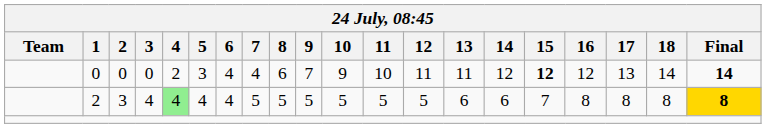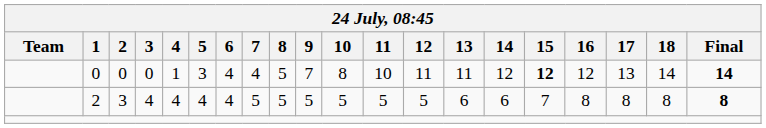 <table class=wikitable style="text-align:center; width: 55%">
 <tr>
 <th colspan=20><em>24 July, 08:45</em></th>
 </tr>
 <tr>
 <th>Team</th>
 <th>1</th>
 <th>2</th>
 <th>3</th>
 <th>4</th>
 <th>5</th>
 <th>6</th>
 <th>7</th>
 <th>8</th>
 <th>9</th>
 <th>10</th>
 <th>11</th>
 <th>12</th>
 <th>13</th>
 <th>14</th>
 <th>15</th>
 <th>16</th>
 <th>17</th>
 <th>18</th>
 <th>Final</th>
 </tr>
 <tr>
 <td align=left><strong></strong></td>
 <td>0</td>
 <td>0</td>
 <td>0</td>
-<td>2</td>
+<td>1</td>
 <td>3</td>
 <td>4</td>
 <td>4</td>
-<td>6</td>
+<td>5</td>
 <td>7</td>
-<td>9</td>
+<td>8</td>
 <td>10</td>
 <td>11</td>
 <td>11</td>
 <td>12</td>
 <td><strong>12</strong></td>
 <td>12</td>
 <td>13</td>
 <td>14</td>
 <td><strong>14</strong></td>
 </tr>
 <tr>
 <td align=left></td>
 <td>2</td>
 <td>3</td>
 <td>4</td>
-<td style="background: lightgreen;">4</td>
+<td>4</td>
 <td>4</td>
 <td>4</td>
 <td>5</td>
 <td>5</td>
 <td>5</td>
 <td>5</td>
 <td>5</td>
 <td>5</td>
 <td>6</td>
 <td>6</td>
 <td>7</td>
 <td>8</td>
 <td>8</td>
 <td>8</td>
-<td style="background: gold;"><strong>8</strong></td>
+<td><strong>8</strong></td>
 </tr>
 <tr>
 <td colspan=20></td>
 </tr>
 </table>
